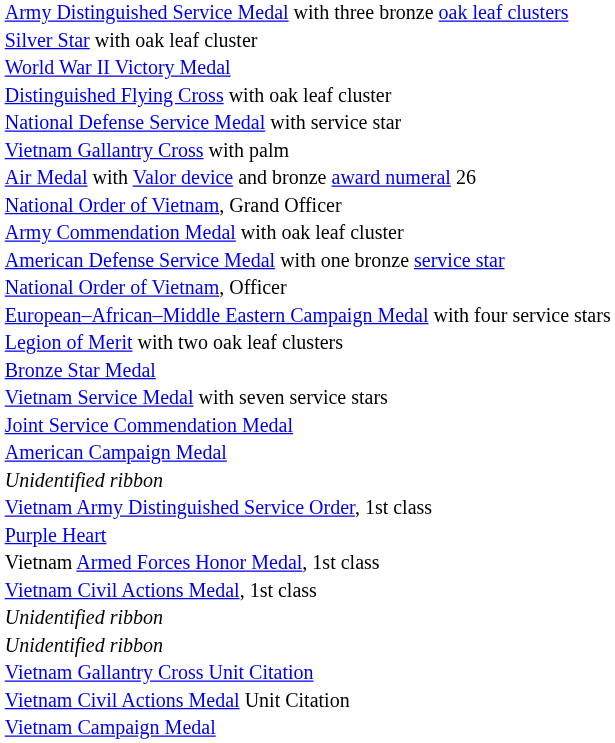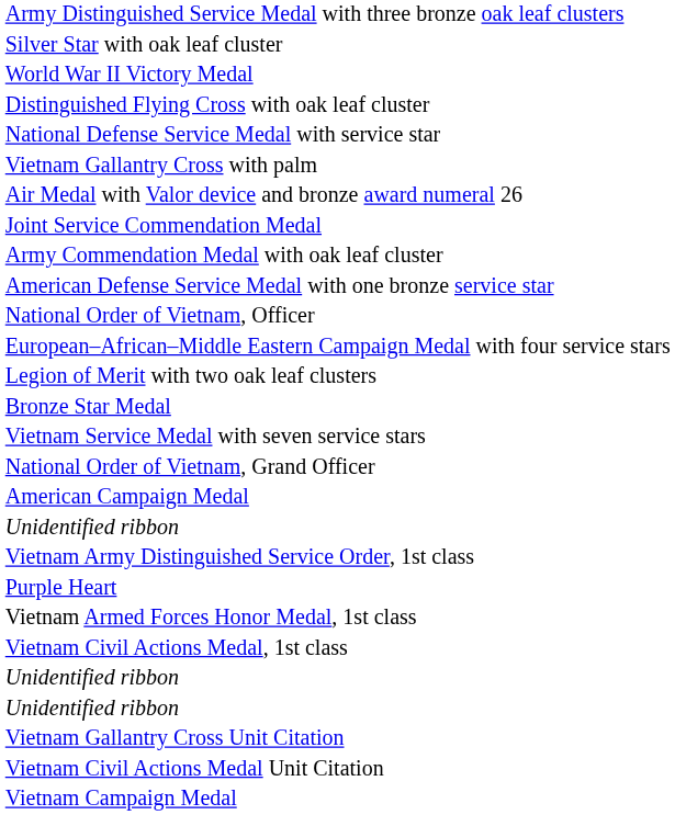 <table>
 <tr>
 <td><span></span><span></span><span></span> <a href='#'>Army Distinguished Service Medal</a> with three bronze <a href='#'>oak leaf clusters</a></td>
 </tr>
 <tr>
 <td> <a href='#'>Silver Star</a> with oak leaf cluster</td>
 </tr>
 <tr>
 <td> <a href='#'>World War II Victory Medal</a></td>
 </tr>
 <tr>
 <td> <a href='#'>Distinguished Flying Cross</a> with oak leaf cluster</td>
 </tr>
 <tr>
 <td> <a href='#'>National Defense Service Medal</a> with service star</td>
 </tr>
 <tr>
 <td> <a href='#'>Vietnam Gallantry Cross</a> with palm</td>
 </tr>
 <tr>
 <td><span></span><span></span><span></span> <a href='#'>Air Medal</a> with <a href='#'>Valor device</a> and bronze <a href='#'>award numeral</a> 26</td>
 </tr>
 <tr>
-<td> <a href='#'>National Order of Vietnam</a>, Grand Officer</td>
+<td> <a href='#'>Joint Service Commendation Medal</a></td>
 </tr>
 <tr>
 <td> <a href='#'>Army Commendation Medal</a> with oak leaf cluster</td>
 </tr>
 <tr>
 <td> <a href='#'>American Defense Service Medal</a> with one bronze <a href='#'>service star</a></td>
 </tr>
 <tr>
 <td> <a href='#'>National Order of Vietnam</a>, Officer</td>
 </tr>
 <tr>
 <td><span></span><span></span><span></span><span></span> <a href='#'>European–African–Middle Eastern Campaign Medal</a> with four service stars</td>
 </tr>
 <tr>
 <td><span></span><span></span> <a href='#'>Legion of Merit</a> with two oak leaf clusters</td>
 </tr>
 <tr>
 <td> <a href='#'>Bronze Star Medal</a></td>
 </tr>
 <tr>
 <td><span></span><span></span><span></span> <a href='#'>Vietnam Service Medal</a> with seven service stars</td>
 </tr>
 <tr>
-<td> <a href='#'>Joint Service Commendation Medal</a></td>
+<td> <a href='#'>National Order of Vietnam</a>, Grand Officer</td>
 </tr>
 <tr>
 <td> <a href='#'>American Campaign Medal</a></td>
 </tr>
 <tr>
 <td> <em>Unidentified ribbon</em></td>
 </tr>
 <tr>
 <td> <a href='#'>Vietnam Army Distinguished Service Order</a>, 1st class</td>
 </tr>
 <tr>
 <td> <a href='#'>Purple Heart</a></td>
 </tr>
 <tr>
 <td> Vietnam <a href='#'>Armed Forces Honor Medal</a>, 1st class</td>
 </tr>
 <tr>
 <td> <a href='#'>Vietnam Civil Actions Medal</a>, 1st class</td>
 </tr>
 <tr>
 <td> <em>Unidentified ribbon</em></td>
 </tr>
 <tr>
 <td> <em>Unidentified ribbon</em></td>
 </tr>
 <tr>
 <td> <a href='#'>Vietnam Gallantry Cross Unit Citation</a></td>
 </tr>
 <tr>
 <td> <a href='#'>Vietnam Civil Actions Medal</a> Unit Citation</td>
 </tr>
 <tr>
 <td> <a href='#'>Vietnam Campaign Medal</a></td>
 </tr>
 </table>
